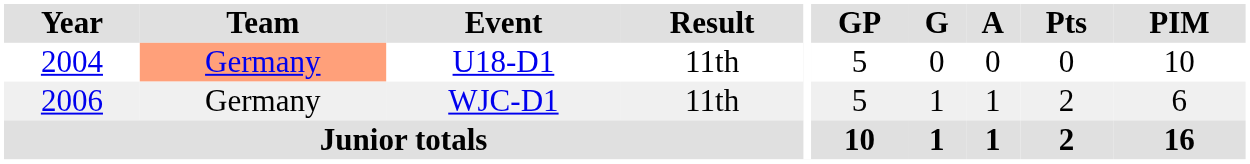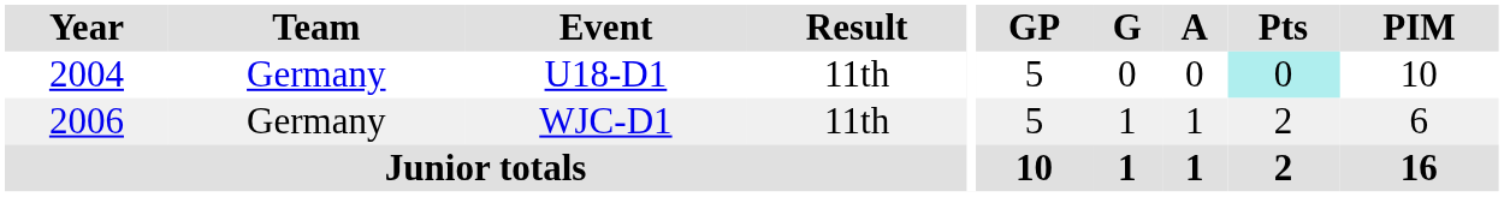 <table border="0" cellpadding="1" cellspacing="0" ID="Table3" style="text-align:center; width:40em">
 <tr ALIGN="center" bgcolor="#e0e0e0">
 <th>Year</th>
 <th>Team</th>
 <th>Event</th>
 <th>Result</th>
 <th rowspan="99" bgcolor="#ffffff"></th>
 <th>GP</th>
 <th>G</th>
 <th>A</th>
 <th>Pts</th>
 <th>PIM</th>
 </tr>
 <tr ALIGN="center">
 <td><a href='#'>2004</a></td>
-<td style="background: lightsalmon;"><a href='#'>Germany</a></td>
+<td><a href='#'>Germany</a></td>
 <td><a href='#'>U18-D1</a></td>
 <td>11th</td>
 <td>5</td>
 <td>0</td>
 <td>0</td>
-<td>0</td>
+<td style="background: paleturquoise;">0</td>
 <td>10</td>
 </tr>
 <tr ALIGN="center" bgcolor="#f0f0f0">
 <td><a href='#'>2006</a></td>
 <td>Germany</td>
 <td><a href='#'>WJC-D1</a></td>
 <td>11th</td>
 <td>5</td>
 <td>1</td>
 <td>1</td>
 <td>2</td>
 <td>6</td>
 </tr>
 <tr bgcolor="#e0e0e0">
 <th colspan="4">Junior totals</th>
 <th>10</th>
 <th>1</th>
 <th>1</th>
 <th>2</th>
 <th>16</th>
 </tr>
 </table>
